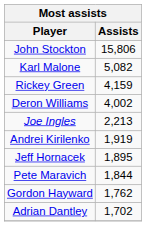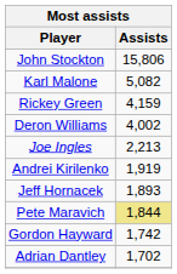 <table class="wikitable sortable" style="text-align:center">
 <tr>
 <th colspan="2" style="text-align:center; ">Most assists</th>
 </tr>
 <tr>
 <th style="text-align:center; ">Player</th>
 <th style="text-align:center; ">Assists</th>
 </tr>
 <tr>
 <td><a href='#'>John Stockton</a></td>
 <td>15,806</td>
 </tr>
 <tr>
 <td><a href='#'>Karl Malone</a></td>
 <td>5,082</td>
 </tr>
 <tr>
 <td><a href='#'>Rickey Green</a></td>
 <td>4,159</td>
 </tr>
 <tr>
 <td><a href='#'>Deron Williams</a></td>
 <td>4,002</td>
 </tr>
 <tr>
 <td><em><a href='#'>Joe Ingles</a></em></td>
 <td>2,213</td>
 </tr>
 <tr>
 <td><a href='#'>Andrei Kirilenko</a></td>
 <td>1,919</td>
 </tr>
 <tr>
 <td><a href='#'>Jeff Hornacek</a></td>
-<td>1,895</td>
+<td>1,893</td>
 </tr>
 <tr>
 <td><a href='#'>Pete Maravich</a></td>
-<td>1,844</td>
+<td style="background: khaki;">1,844</td>
 </tr>
 <tr>
 <td><a href='#'>Gordon Hayward</a></td>
-<td>1,762</td>
+<td>1,742</td>
 </tr>
 <tr>
 <td><a href='#'>Adrian Dantley</a></td>
 <td>1,702</td>
 </tr>
 <tr>
 </tr>
 </table>
